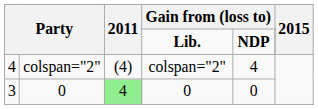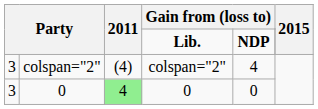 <table class="wikitable" style="text-align:center" align="center">
 <tr>
 <th rowspan="2" colspan="2">Party</th>
 <th rowspan="2">2011</th>
 <th colspan="4">Gain from (loss to)</th>
 <th rowspan="2">2015</th>
 </tr>
 <tr>
 <td><strong>Lib.</strong></td>
 <td><strong>NDP</strong></td>
 </tr>
 <tr>
-<td>4</td>
+<td>3</td>
 <td>colspan="2" </td>
 <td>(4)</td>
 <td>colspan="2" </td>
 <td>4</td>
 </tr>
 <tr>
 <td>3</td>
 <td>0</td>
 <td style="background: lightgreen;">4</td>
 <td>0</td>
 <td>0</td>
 </tr>
 </table>
